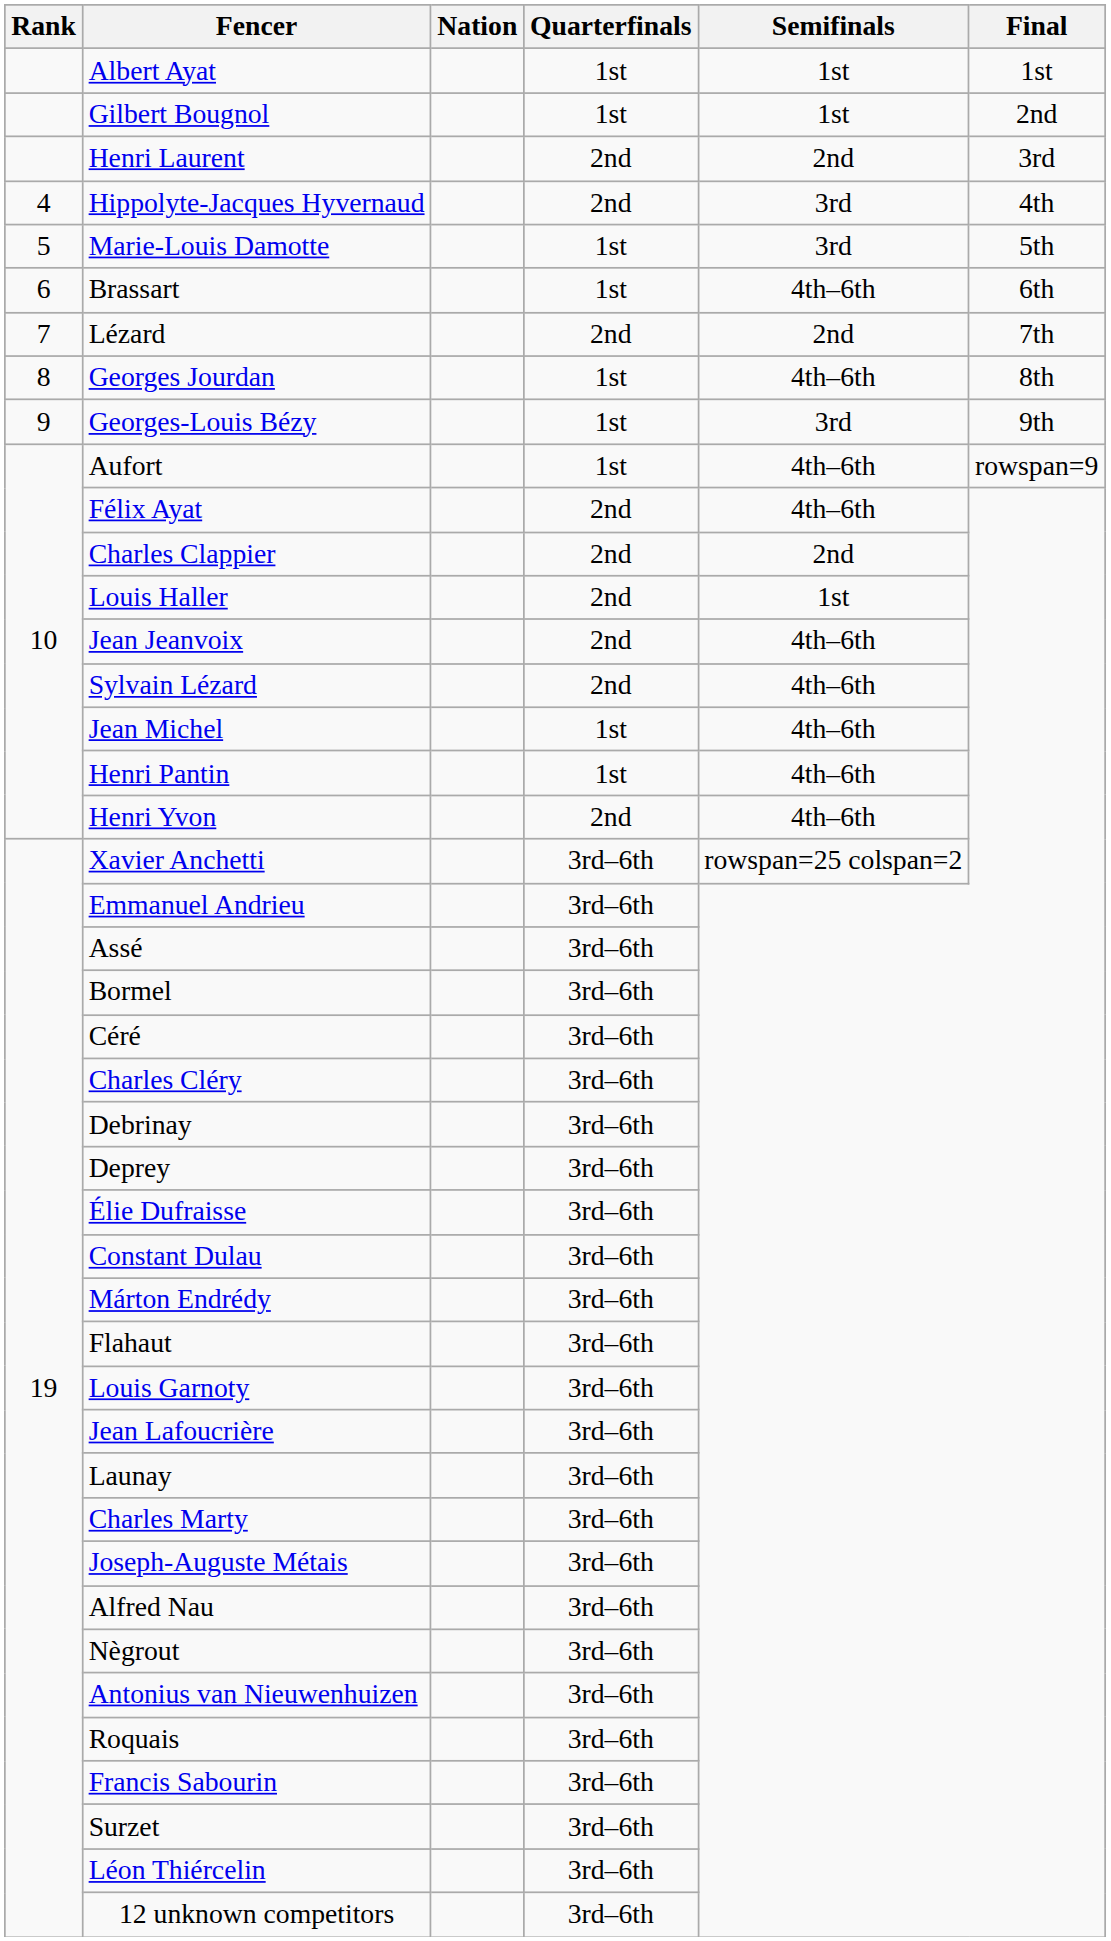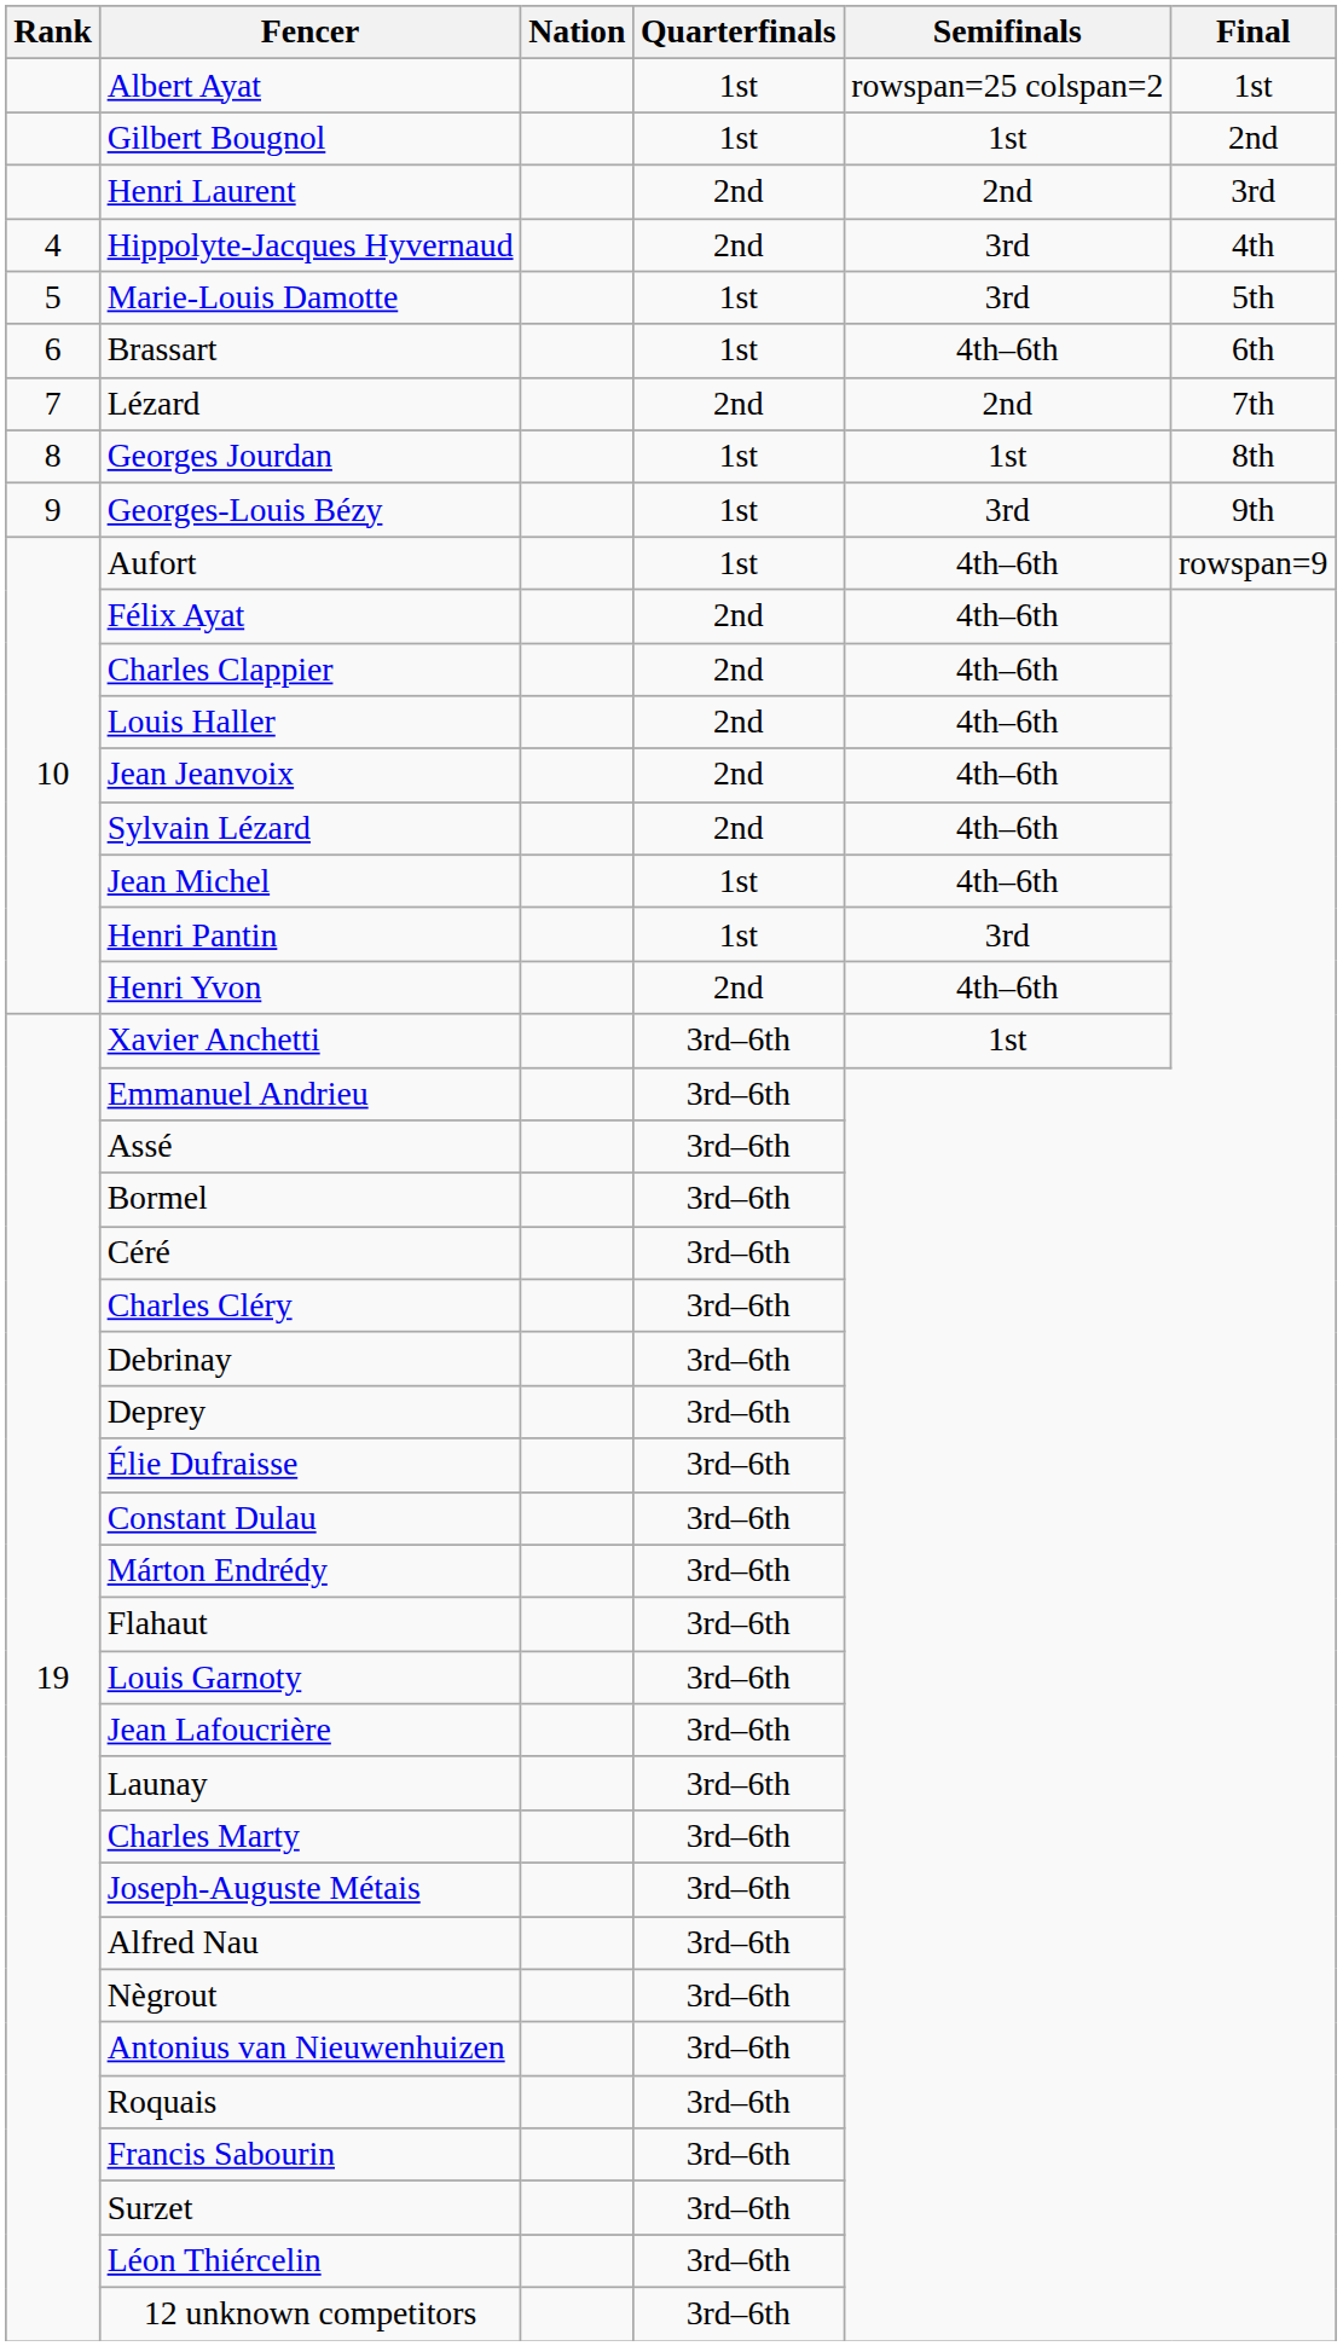 <table class="wikitable sortable" style="text-align:center">
 <tr>
 <th>Rank</th>
 <th>Fencer</th>
 <th>Nation</th>
 <th>Quarterfinals</th>
 <th>Semifinals</th>
 <th>Final</th>
 </tr>
 <tr>
 <td></td>
 <td align=left><a href='#'>Albert Ayat</a></td>
 <td align=left></td>
 <td>1st</td>
-<td>1st</td>
+<td>rowspan=25 colspan=2 </td>
 <td>1st</td>
 </tr>
 <tr>
 <td></td>
 <td align=left><a href='#'>Gilbert Bougnol</a></td>
 <td align=left></td>
 <td>1st</td>
 <td>1st</td>
 <td>2nd</td>
 </tr>
 <tr>
 <td></td>
 <td align=left><a href='#'>Henri Laurent</a></td>
 <td align=left></td>
 <td>2nd</td>
 <td>2nd</td>
 <td>3rd</td>
 </tr>
 <tr>
 <td>4</td>
 <td align=left><a href='#'>Hippolyte-Jacques Hyvernaud</a></td>
 <td align=left></td>
 <td>2nd</td>
 <td>3rd</td>
 <td>4th</td>
 </tr>
 <tr>
 <td>5</td>
 <td align=left><a href='#'>Marie-Louis Damotte</a></td>
 <td align=left></td>
 <td>1st</td>
 <td>3rd</td>
 <td>5th</td>
 </tr>
 <tr>
 <td>6</td>
 <td align=left>Brassart</td>
 <td align=left></td>
 <td>1st</td>
 <td>4th–6th</td>
 <td>6th</td>
 </tr>
 <tr>
 <td>7</td>
 <td align=left>Lézard</td>
 <td align=left></td>
 <td>2nd</td>
 <td>2nd</td>
 <td>7th</td>
 </tr>
 <tr>
 <td>8</td>
 <td align=left><a href='#'>Georges Jourdan</a></td>
 <td align=left></td>
 <td>1st</td>
-<td>4th–6th</td>
+<td>1st</td>
 <td>8th</td>
 </tr>
 <tr>
 <td>9</td>
 <td align=left><a href='#'>Georges-Louis Bézy</a></td>
 <td align=left></td>
 <td>1st</td>
 <td>3rd</td>
 <td>9th</td>
 </tr>
 <tr>
 <td rowspan=9>10</td>
 <td align=left>Aufort</td>
 <td align=left></td>
 <td>1st</td>
 <td>4th–6th</td>
 <td>rowspan=9 </td>
 </tr>
 <tr>
 <td align=left><a href='#'>Félix Ayat</a></td>
 <td align=left></td>
 <td>2nd</td>
 <td>4th–6th</td>
 </tr>
 <tr>
 <td align=left><a href='#'>Charles Clappier</a></td>
 <td align=left></td>
 <td>2nd</td>
-<td>2nd</td>
+<td>4th–6th</td>
 </tr>
 <tr>
 <td align=left><a href='#'>Louis Haller</a></td>
 <td align=left></td>
 <td>2nd</td>
-<td>1st</td>
+<td>4th–6th</td>
 </tr>
 <tr>
 <td align=left><a href='#'>Jean Jeanvoix</a></td>
 <td align=left></td>
 <td>2nd</td>
 <td>4th–6th</td>
 </tr>
 <tr>
 <td align=left><a href='#'>Sylvain Lézard</a></td>
 <td align=left></td>
 <td>2nd</td>
 <td>4th–6th</td>
 </tr>
 <tr>
 <td align=left><a href='#'>Jean Michel</a></td>
 <td align=left></td>
 <td>1st</td>
 <td>4th–6th</td>
 </tr>
 <tr>
 <td align=left><a href='#'>Henri Pantin</a></td>
 <td align=left></td>
 <td>1st</td>
-<td>4th–6th</td>
+<td>3rd</td>
 </tr>
 <tr>
 <td align=left><a href='#'>Henri Yvon</a></td>
 <td align=left></td>
 <td>2nd</td>
 <td>4th–6th</td>
 </tr>
 <tr>
 <td rowspan=25>19</td>
 <td align=left><a href='#'>Xavier Anchetti</a></td>
 <td align=left></td>
 <td>3rd–6th</td>
-<td>rowspan=25 colspan=2 </td>
+<td>1st</td>
 </tr>
 <tr>
 <td align=left><a href='#'>Emmanuel Andrieu</a></td>
 <td align=left></td>
 <td>3rd–6th</td>
 </tr>
 <tr>
 <td align=left>Assé</td>
 <td align=left></td>
 <td>3rd–6th</td>
 </tr>
 <tr>
 <td align=left>Bormel</td>
 <td align=left></td>
 <td>3rd–6th</td>
 </tr>
 <tr>
 <td align=left>Céré</td>
 <td align=left></td>
 <td>3rd–6th</td>
 </tr>
 <tr>
 <td align=left><a href='#'>Charles Cléry</a></td>
 <td align=left></td>
 <td>3rd–6th</td>
 </tr>
 <tr>
 <td align=left>Debrinay</td>
 <td align=left></td>
 <td>3rd–6th</td>
 </tr>
 <tr>
 <td align=left>Deprey</td>
 <td align=left></td>
 <td>3rd–6th</td>
 </tr>
 <tr>
 <td align=left><a href='#'>Élie Dufraisse</a></td>
 <td align=left></td>
 <td>3rd–6th</td>
 </tr>
 <tr>
 <td align=left><a href='#'>Constant Dulau</a></td>
 <td align=left></td>
 <td>3rd–6th</td>
 </tr>
 <tr>
 <td align=left><a href='#'>Márton Endrédy</a></td>
 <td align=left></td>
 <td>3rd–6th</td>
 </tr>
 <tr>
 <td align=left>Flahaut</td>
 <td align=left></td>
 <td>3rd–6th</td>
 </tr>
 <tr>
 <td align=left><a href='#'>Louis Garnoty</a></td>
 <td align=left></td>
 <td>3rd–6th</td>
 </tr>
 <tr>
 <td align=left><a href='#'>Jean Lafoucrière</a></td>
 <td align=left></td>
 <td>3rd–6th</td>
 </tr>
 <tr>
 <td align=left>Launay</td>
 <td align=left></td>
 <td>3rd–6th</td>
 </tr>
 <tr>
 <td align=left><a href='#'>Charles Marty</a></td>
 <td align=left></td>
 <td>3rd–6th</td>
 </tr>
 <tr>
 <td align=left><a href='#'>Joseph-Auguste Métais</a></td>
 <td align=left></td>
 <td>3rd–6th</td>
 </tr>
 <tr>
 <td align=left>Alfred Nau</td>
 <td align=left></td>
 <td>3rd–6th</td>
 </tr>
 <tr>
 <td align=left>Nègrout</td>
 <td align=left></td>
 <td>3rd–6th</td>
 </tr>
 <tr>
 <td align=left><a href='#'>Antonius van Nieuwenhuizen</a></td>
 <td align=left></td>
 <td>3rd–6th</td>
 </tr>
 <tr>
 <td align=left>Roquais</td>
 <td align=left></td>
 <td>3rd–6th</td>
 </tr>
 <tr>
 <td align=left><a href='#'>Francis Sabourin</a></td>
 <td align=left></td>
 <td>3rd–6th</td>
 </tr>
 <tr>
 <td align=left>Surzet</td>
 <td align=left></td>
 <td>3rd–6th</td>
 </tr>
 <tr>
 <td align=left><a href='#'>Léon Thiércelin</a></td>
 <td align=left></td>
 <td>3rd–6th</td>
 </tr>
 <tr>
 <td>12 unknown competitors</td>
 <td></td>
 <td>3rd–6th</td>
 </tr>
 </table>
